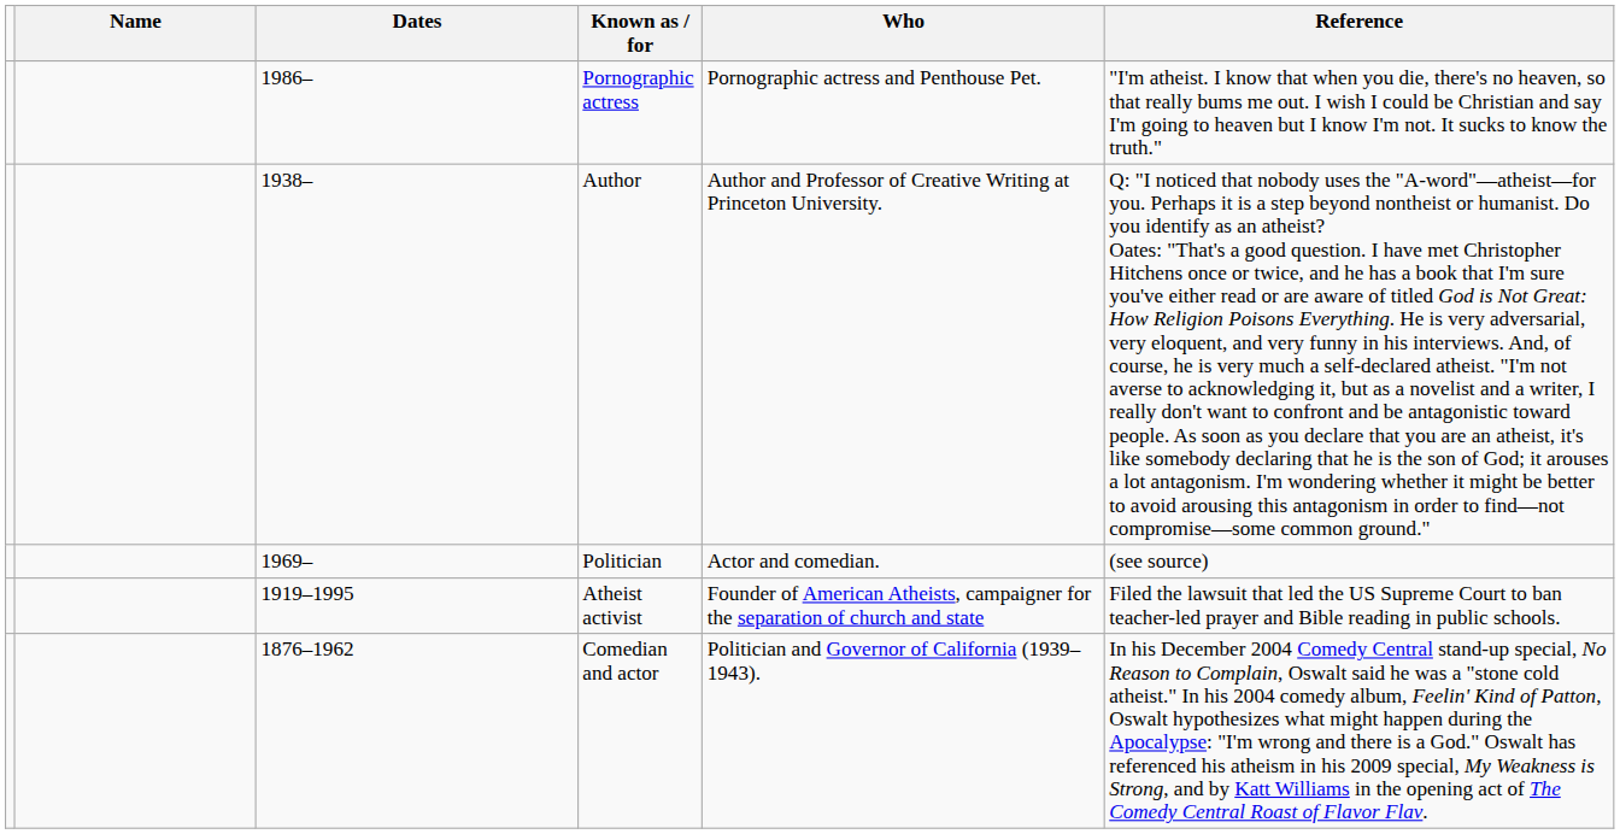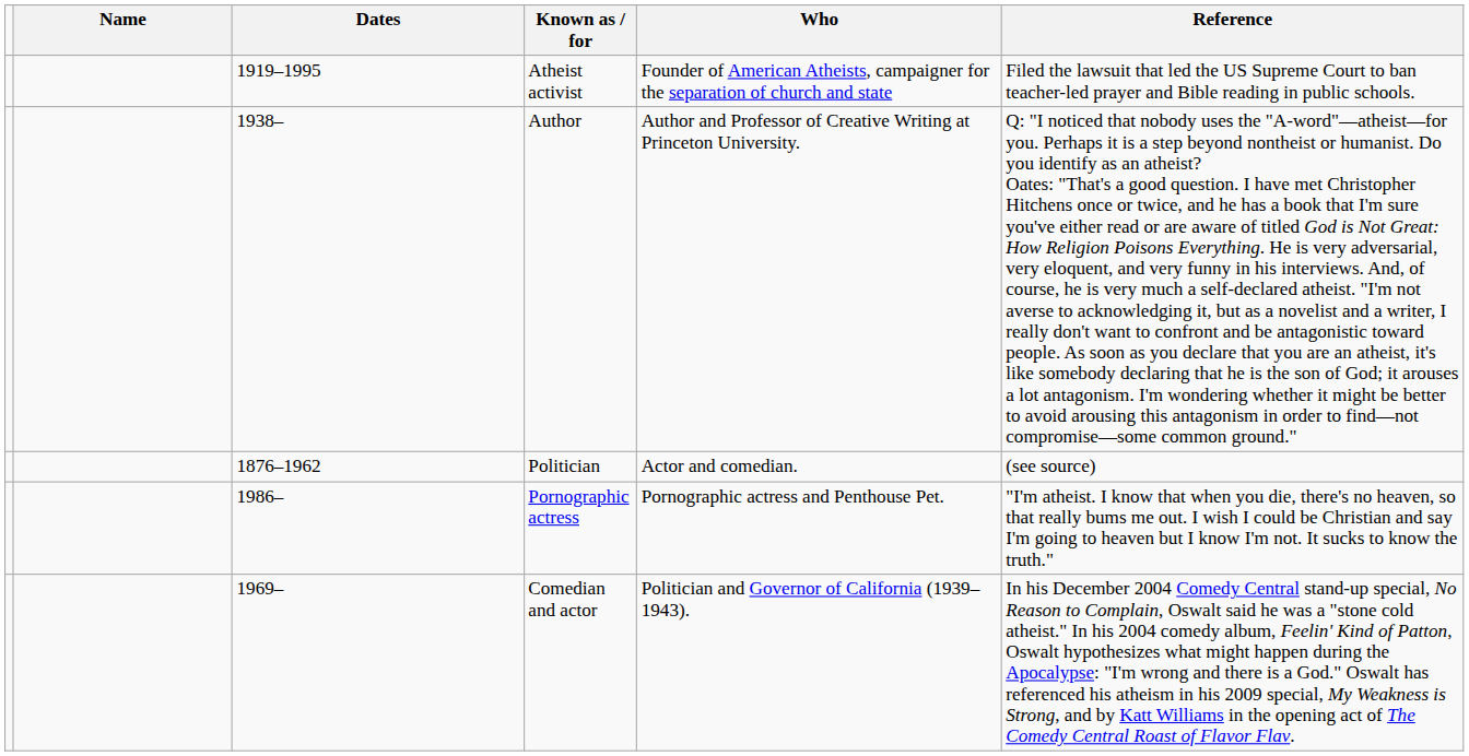 <table class="wikitable sortable">
 <tr style="vertical-align:top; text-align:left;">
 <td></td>
 <th style="width:15%;">Name</th>
 <th class="unsortable"! style="width:20%;">Dates</th>
 <th>Known as / for</th>
 <th style="width:25%;">Who</th>
 <th class="unsortable">Reference</th>
 </tr>
 <tr valign="top">
 <td></td>
 <td></td>
-<td>1986–</td>
-<td><a href='#'>Pornographic actress</a></td>
-<td>Pornographic actress and Penthouse Pet.</td>
-<td>"I'm atheist. I know that when you die, there's no heaven, so that really bums me out. I wish I could be Christian and say I'm going to heaven but I know I'm not. It sucks to know the truth."</td>
+<td>1919–1995</td>
+<td>Atheist activist</td>
+<td>Founder of <a href='#'>American Atheists</a>, campaigner for the <a href='#'>separation of church and state</a></td>
+<td>Filed the lawsuit that led the US Supreme Court to ban teacher-led prayer and Bible reading in public schools.</td>
 </tr>
 <tr valign="top">
 <td></td>
 <td></td>
 <td>1938–</td>
 <td>Author</td>
 <td>Author and Professor of Creative Writing at Princeton University.</td>
 <td>Q: "I noticed that nobody uses the "A-word"—atheist—for you. Perhaps it is a step beyond nontheist or humanist. Do you identify as an atheist?<br>Oates: "That's a good question. I have met Christopher Hitchens once or twice, and he has a book that I'm sure you've either read or are aware of titled <em>God is Not Great: How Religion Poisons Everything</em>. He is very adversarial, very eloquent, and very funny in his interviews. And, of course, he is very much a self-declared atheist. "I'm not averse to acknowledging it, but as a novelist and a writer, I really don't want to confront and be antagonistic toward people. As soon as you declare that you are an atheist, it's like somebody declaring that he is the son of God; it arouses a lot antagonism. I'm wondering whether it might be better to avoid arousing this antagonism in order to find—not compromise—some common ground."</td>
 </tr>
 <tr valign="top">
 <td></td>
 <td></td>
-<td>1969–</td>
+<td>1876–1962</td>
 <td>Politician</td>
 <td>Actor and comedian.</td>
 <td>(see source)</td>
 </tr>
 <tr valign="top">
 <td></td>
 <td></td>
-<td>1919–1995</td>
-<td>Atheist activist</td>
-<td>Founder of <a href='#'>American Atheists</a>, campaigner for the <a href='#'>separation of church and state</a></td>
-<td>Filed the lawsuit that led the US Supreme Court to ban teacher-led prayer and Bible reading in public schools.</td>
+<td>1986–</td>
+<td><a href='#'>Pornographic actress</a></td>
+<td>Pornographic actress and Penthouse Pet.</td>
+<td>"I'm atheist. I know that when you die, there's no heaven, so that really bums me out. I wish I could be Christian and say I'm going to heaven but I know I'm not. It sucks to know the truth."</td>
 </tr>
 <tr valign="top">
 <td></td>
 <td></td>
-<td>1876–1962</td>
+<td>1969–</td>
 <td>Comedian and actor</td>
 <td>Politician and <a href='#'>Governor of California</a> (1939–1943).</td>
 <td>In his December 2004 <a href='#'>Comedy Central</a> stand-up special, <em>No Reason to Complain</em>, Oswalt said he was a "stone cold atheist." In his 2004 comedy album, <em>Feelin' Kind of Patton</em>, Oswalt hypothesizes what might happen during the <a href='#'>Apocalypse</a>: "I'm wrong and there is a God." Oswalt has referenced his atheism in his 2009 special, <em>My Weakness is Strong</em>, and by <a href='#'>Katt Williams</a> in the opening act of <em><a href='#'>The Comedy Central Roast of Flavor Flav</a></em>.</td>
 </tr>
 </table>
